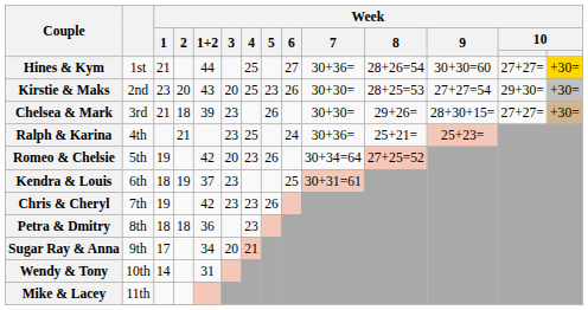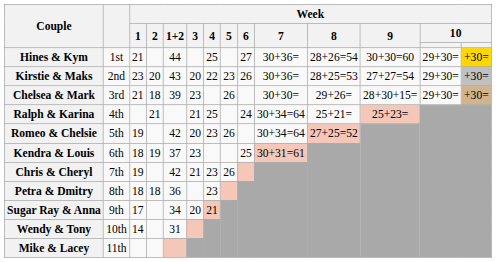 <table class="wikitable sortable" style="text-align:center; font-size:95%">
 <tr>
 <th scope="col" rowspan="3" style="text-align:center;">Couple</th>
 <th scope="col" rowspan="3" style="text-align:center;"></th>
 <th colspan="12" style="text-align:center;">Week</th>
 </tr>
 <tr>
 <th rowspan="2" scope="col">1</th>
 <th rowspan="2" scope="col">2</th>
 <th rowspan="2" scope="col">1+2</th>
 <th rowspan="2" scope="col">3</th>
 <th rowspan="2" scope="col">4</th>
 <th rowspan="2" scope="col">5</th>
 <th rowspan="2" scope="col">6</th>
 <th rowspan="2" scope="col">7</th>
 <th rowspan="2" scope="col">8</th>
 <th rowspan="2" scope="col">9</th>
 <th colspan="2" scope="col">10</th>
 </tr>
 <tr>
 <th></th>
 <th></th>
 </tr>
 <tr>
 <th scope="col">Hines & Kym</th>
 <td>1st</td>
 <td>21</td>
 <td></td>
 <td>44</td>
 <td></td>
 <td>25</td>
 <td></td>
 <td>27</td>
 <td>30+36=</td>
 <td>28+26=54</td>
 <td>30+30=60</td>
-<td>27+27=</td>
+<td>29+30=</td>
 <td bgcolor="gold" >+30=</td>
 </tr>
 <tr>
 <th scope="col">Kirstie & Maks</th>
 <td>2nd</td>
 <td>23</td>
 <td>20</td>
 <td>43</td>
 <td>20</td>
-<td>25</td>
+<td>22</td>
 <td>23</td>
 <td>26</td>
-<td>30+30=</td>
+<td>30+36=</td>
 <td>28+25=53</td>
 <td>27+27=54</td>
 <td>29+30=</td>
 <td bgcolor="silver" >+30=</td>
 </tr>
 <tr>
 <th scope="col">Chelsea & Mark</th>
 <td>3rd</td>
 <td>21</td>
 <td>18</td>
 <td>39</td>
 <td>23</td>
 <td></td>
 <td>26</td>
 <td></td>
 <td>30+30=</td>
 <td>29+26=</td>
 <td>28+30+15=</td>
-<td>27+27=</td>
+<td>29+30=</td>
 <td bgcolor="tan" >+30=</td>
 </tr>
 <tr>
 <th scope="col">Ralph & Karina</th>
 <td>4th</td>
 <td></td>
 <td>21</td>
 <td></td>
-<td>23</td>
+<td>21</td>
 <td>25</td>
 <td></td>
 <td>24</td>
-<td>30+36=</td>
+<td>30+34=64</td>
 <td>25+21=</td>
 <td bgcolor="f4c7b8" >25+23=</td>
 <td colspan="2" rowspan="8" style="background:darkgray;"></td>
 </tr>
 <tr>
 <th scope="col">Romeo & Chelsie</th>
 <td>5th</td>
 <td>19</td>
 <td></td>
 <td>42</td>
 <td>20</td>
 <td>23</td>
 <td>26</td>
 <td></td>
 <td>30+34=64</td>
 <td bgcolor="f4c7b8" >27+25=52</td>
 <td rowspan="7" style="background:darkgray;"></td>
 </tr>
 <tr>
 <th scope="col">Kendra & Louis</th>
 <td>6th</td>
 <td>18</td>
 <td>19</td>
 <td>37</td>
 <td>23</td>
 <td></td>
 <td></td>
 <td>25</td>
 <td bgcolor="f4c7b8" >30+31=61</td>
 <td rowspan="6" style="background:darkgray;"></td>
 </tr>
 <tr>
 <th scope="col">Chris & Cheryl</th>
 <td>7th</td>
 <td>19</td>
 <td></td>
 <td>42</td>
-<td>23</td>
+<td>21</td>
 <td>23</td>
 <td>26</td>
 <td bgcolor="f4c7b8"></td>
 <td rowspan="5" style="background:darkgray;"></td>
 </tr>
 <tr>
 <th scope="col">Petra & Dmitry</th>
 <td>8th</td>
 <td>18</td>
 <td>18</td>
 <td>36</td>
 <td></td>
 <td>23</td>
 <td bgcolor="f4c7b8"></td>
 <td rowspan="4" style="background:darkgray;"></td>
 </tr>
 <tr>
 <th scope="col">Sugar Ray & Anna</th>
 <td>9th</td>
 <td>17</td>
 <td></td>
 <td>34</td>
 <td>20</td>
 <td bgcolor="f4c7b8">21</td>
 <td rowspan="3" style="background:darkgray;"></td>
 </tr>
 <tr>
 <th scope="col">Wendy & Tony</th>
 <td>10th</td>
 <td>14</td>
 <td></td>
 <td>31</td>
 <td bgcolor="f4c7b8"></td>
 <td rowspan="2" style="background:darkgray;"></td>
 </tr>
 <tr>
 <th scope="col">Mike & Lacey</th>
 <td>11th</td>
 <td></td>
 <td></td>
 <td bgcolor="f4c7b8"></td>
 <td style="background:darkgray;"></td>
 </tr>
 </table>
